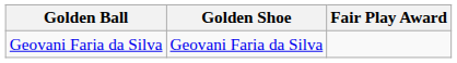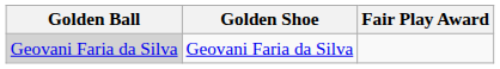 <table class=wikitable style="text-align:left; margin:auto">
 <tr>
 <th style="text-align:center;">Golden Ball</th>
 <th style="text-align:center;">Golden Shoe</th>
 <th style="text-align:center;">Fair Play Award</th>
 </tr>
 <tr>
-<td> <a href='#'>Geovani Faria da Silva</a></td>
+<td style="background: lightgrey;"> <a href='#'>Geovani Faria da Silva</a></td>
 <td> <a href='#'>Geovani Faria da Silva</a></td>
 <td rowspan=3></td>
 </tr>
 </table>
